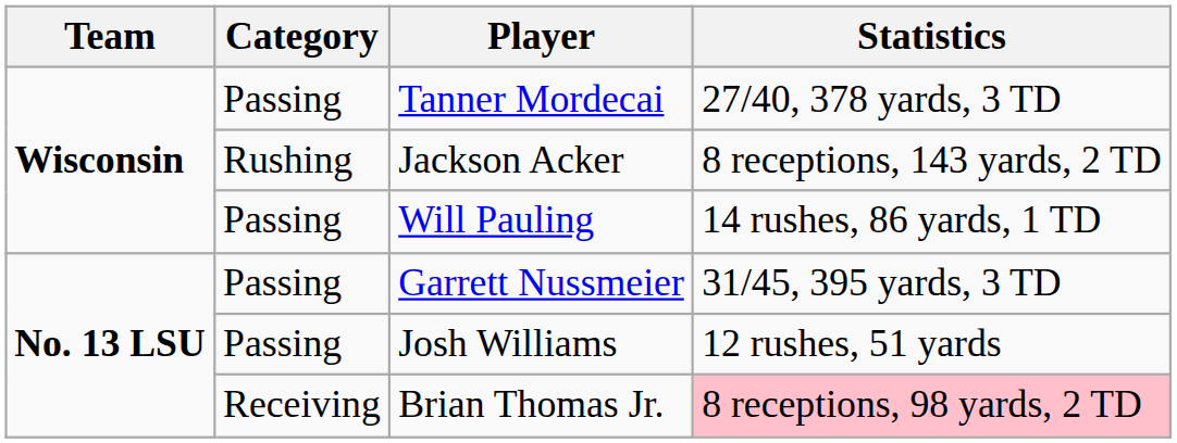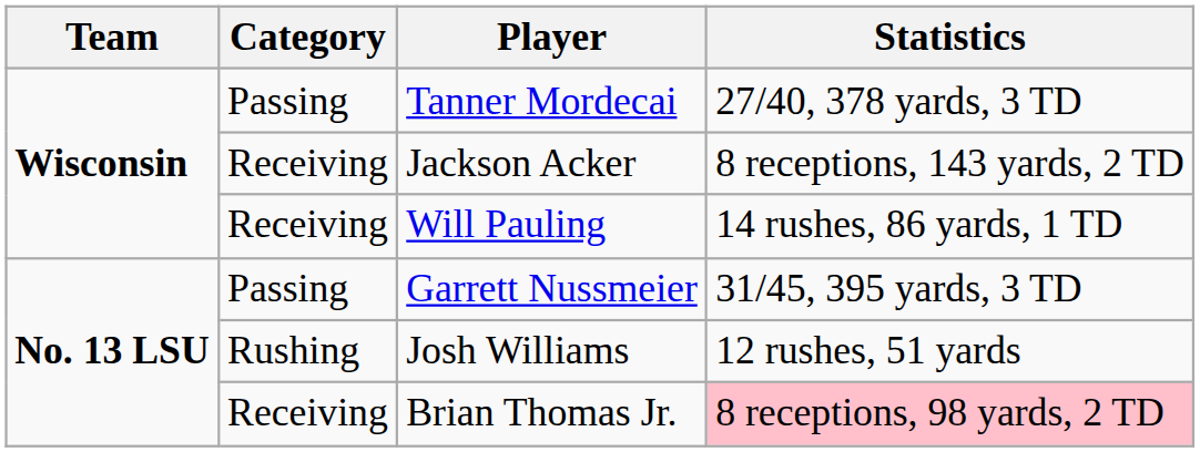 <table class="wikitable" style="float: right;">
 <tr>
 <th>Team</th>
 <th>Category</th>
 <th>Player</th>
 <th>Statistics</th>
 </tr>
 <tr>
 <td rowspan=3><strong>Wisconsin</strong></td>
 <td>Passing</td>
 <td><a href='#'>Tanner Mordecai</a></td>
 <td>27/40, 378 yards, 3 TD</td>
 </tr>
 <tr>
-<td>Rushing</td>
+<td>Receiving</td>
 <td>Jackson Acker</td>
 <td>8 receptions, 143 yards, 2 TD</td>
 </tr>
 <tr>
-<td>Passing</td>
+<td>Receiving</td>
 <td><a href='#'>Will Pauling</a></td>
 <td>14 rushes, 86 yards, 1 TD</td>
 </tr>
 <tr>
 <td rowspan=3><strong>No. 13 LSU</strong></td>
 <td>Passing</td>
 <td><a href='#'>Garrett Nussmeier</a></td>
 <td>31/45, 395 yards, 3 TD</td>
 </tr>
 <tr>
-<td>Passing</td>
+<td>Rushing</td>
 <td>Josh Williams</td>
 <td>12 rushes, 51 yards</td>
 </tr>
 <tr>
 <td>Receiving</td>
 <td>Brian Thomas Jr.</td>
 <td style="background: pink;">8 receptions, 98 yards, 2 TD</td>
 </tr>
 </table>
